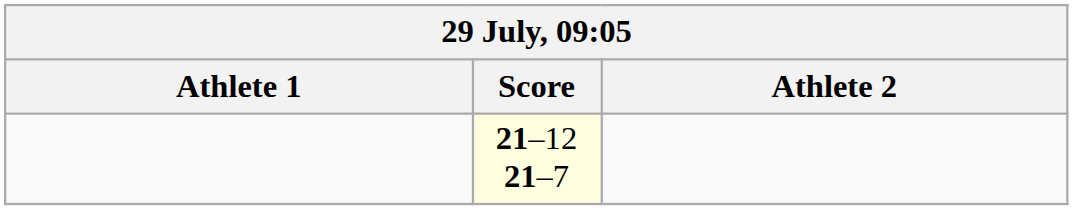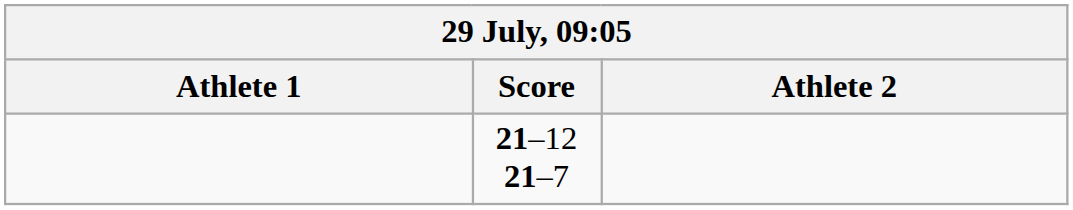 <table class="wikitable" style="text-align: center; font-size:90% ">
 <tr>
 <th colspan=3>29 July, 09:05</th>
 </tr>
 <tr>
 <th align="right" width="200">Athlete 1</th>
 <th width="50">Score</th>
 <th align="left" width="200">Athlete 2</th>
 </tr>
 <tr>
 <td align=right><strong></strong></td>
-<td align=center style="background: lightyellow;"><strong>21</strong>–12<br><strong>21</strong>–7</td>
+<td align=center><strong>21</strong>–12<br><strong>21</strong>–7</td>
 <td align=left></td>
 </tr>
 </table>
